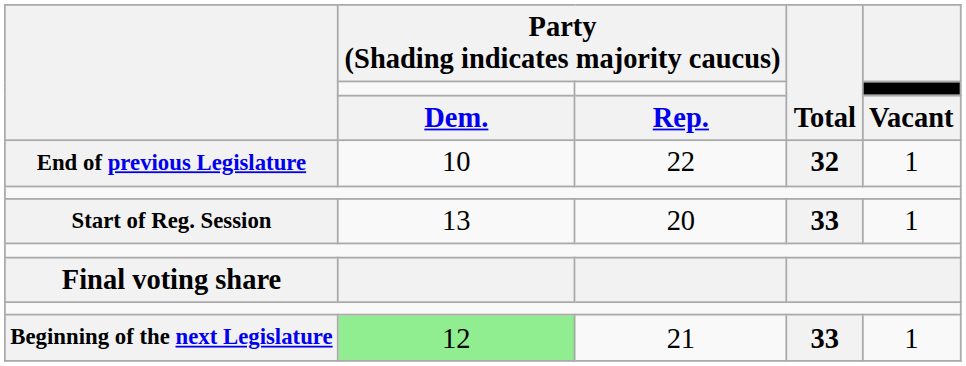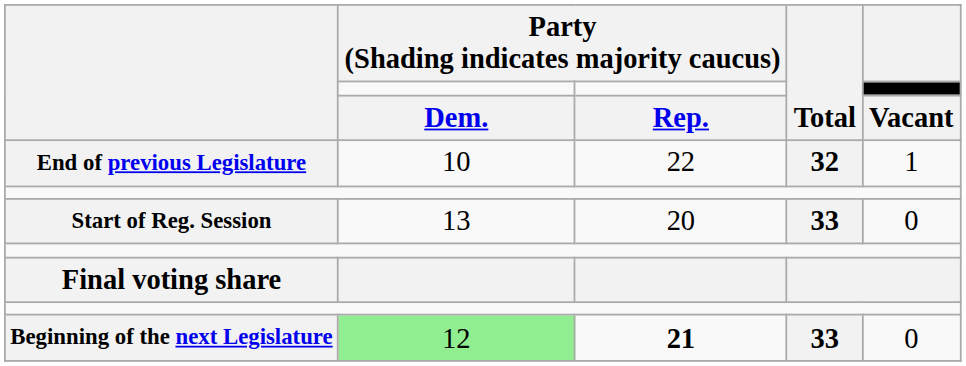 <table class=wikitable style="text-align:center">
 <tr style="vertical-align:bottom;">
 <th rowspan=3></th>
 <th colspan=2>Party <div>(Shading indicates majority caucus)</div></th>
 <th rowspan=3>Total</th>
 <th></th>
 </tr>
 <tr style="height:5px">
 <td style="background-color:"></td>
 <td style="background-color:"></td>
 <td style="background:black;"></td>
 </tr>
 <tr>
 <th><a href='#'>Dem.</a></th>
 <th><a href='#'>Rep.</a></th>
 <th>Vacant</th>
 </tr>
 <tr>
 <th style="font-size:80%;">End of <a href='#'>previous Legislature</a></th>
 <td>10</td>
 <td>22</td>
 <th>32</th>
 <td>1</td>
 </tr>
 <tr>
 <td colspan=5></td>
 </tr>
 <tr>
 <th style="font-size:80%;">Start of Reg. Session</th>
 <td>13</td>
 <td>20</td>
 <th>33</th>
-<td>1</td>
+<td>0</td>
 </tr>
 <tr>
 <td colspan=5></td>
 </tr>
 <tr>
 <th>Final voting share</th>
 <th></th>
 <th></th>
 <th colspan=2></th>
 </tr>
 <tr>
 <td colspan=5></td>
 </tr>
 <tr>
 <th style="font-size:80%;">Beginning of the <a href='#'>next Legislature</a></th>
 <td style="background: lightgreen;">12</td>
-<td>21</td>
+<td><strong>21</strong></td>
 <th>33</th>
-<td>1</td>
+<td>0</td>
 </tr>
 </table>
